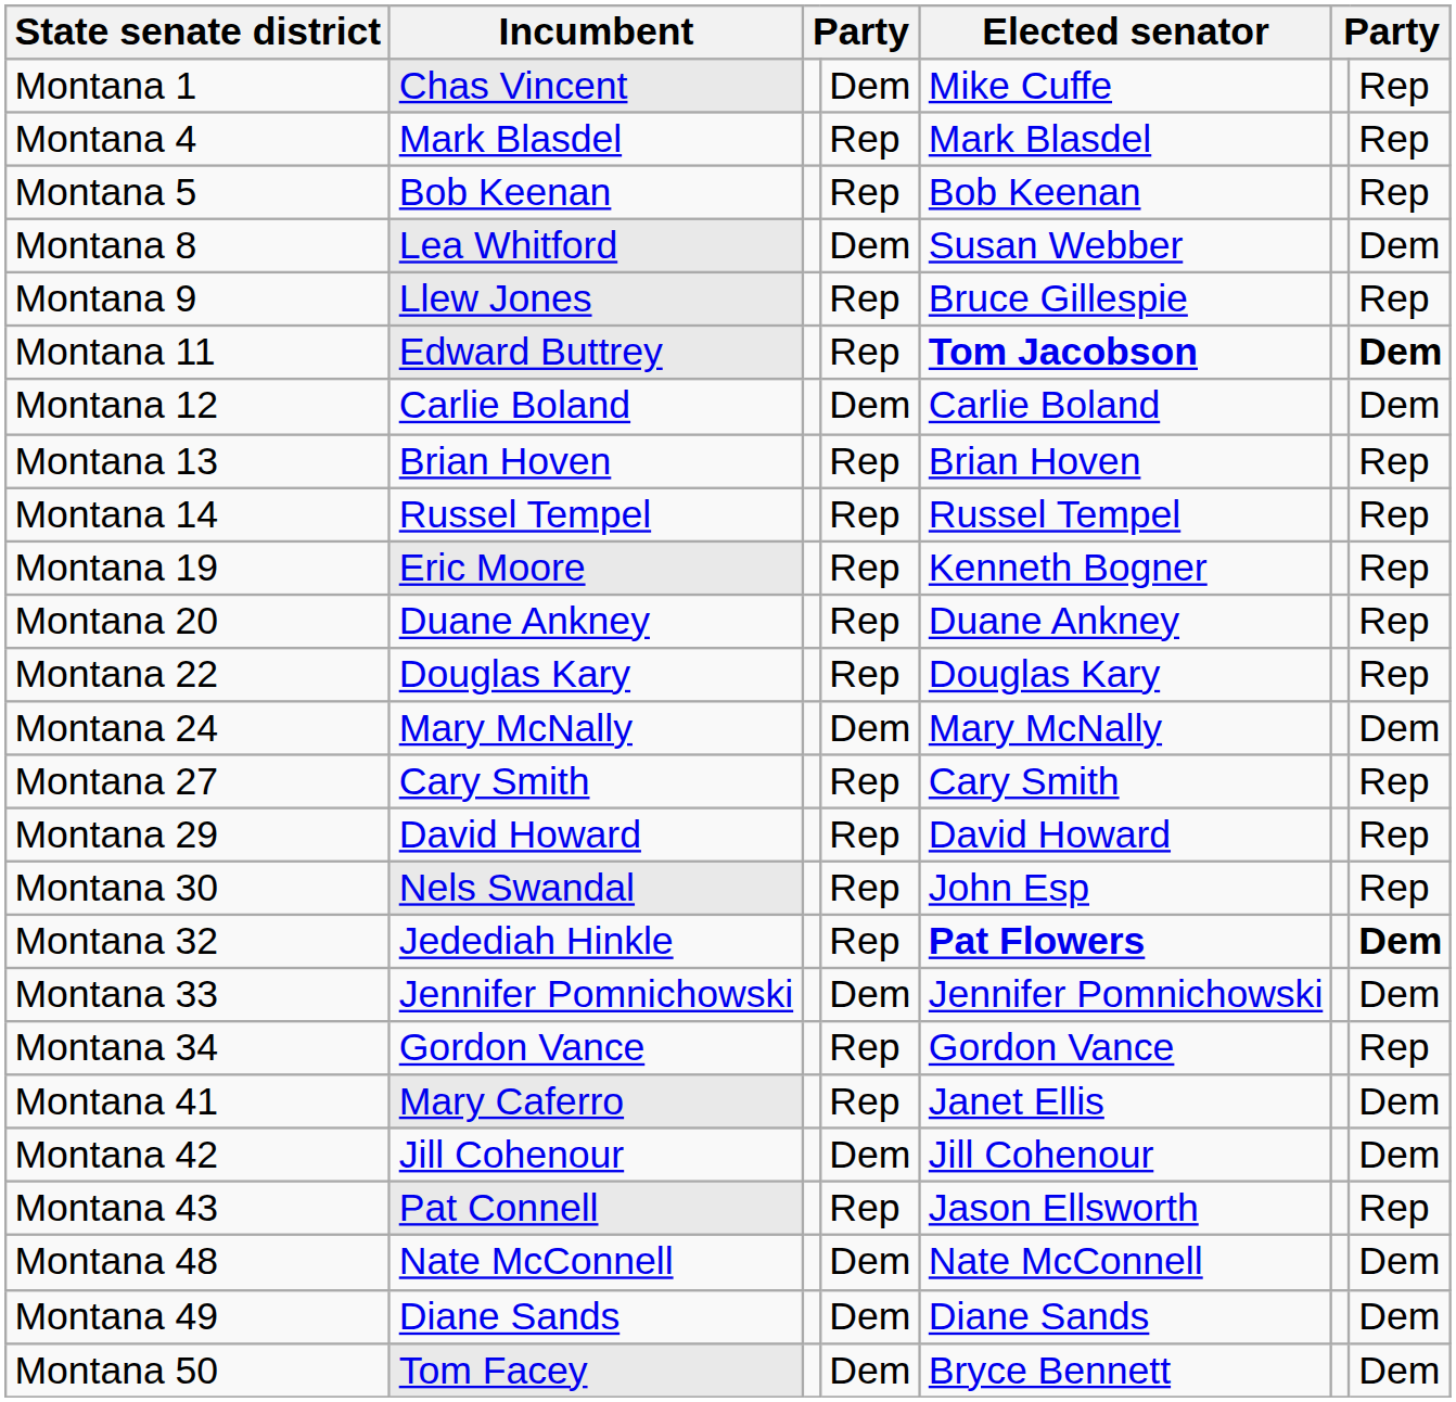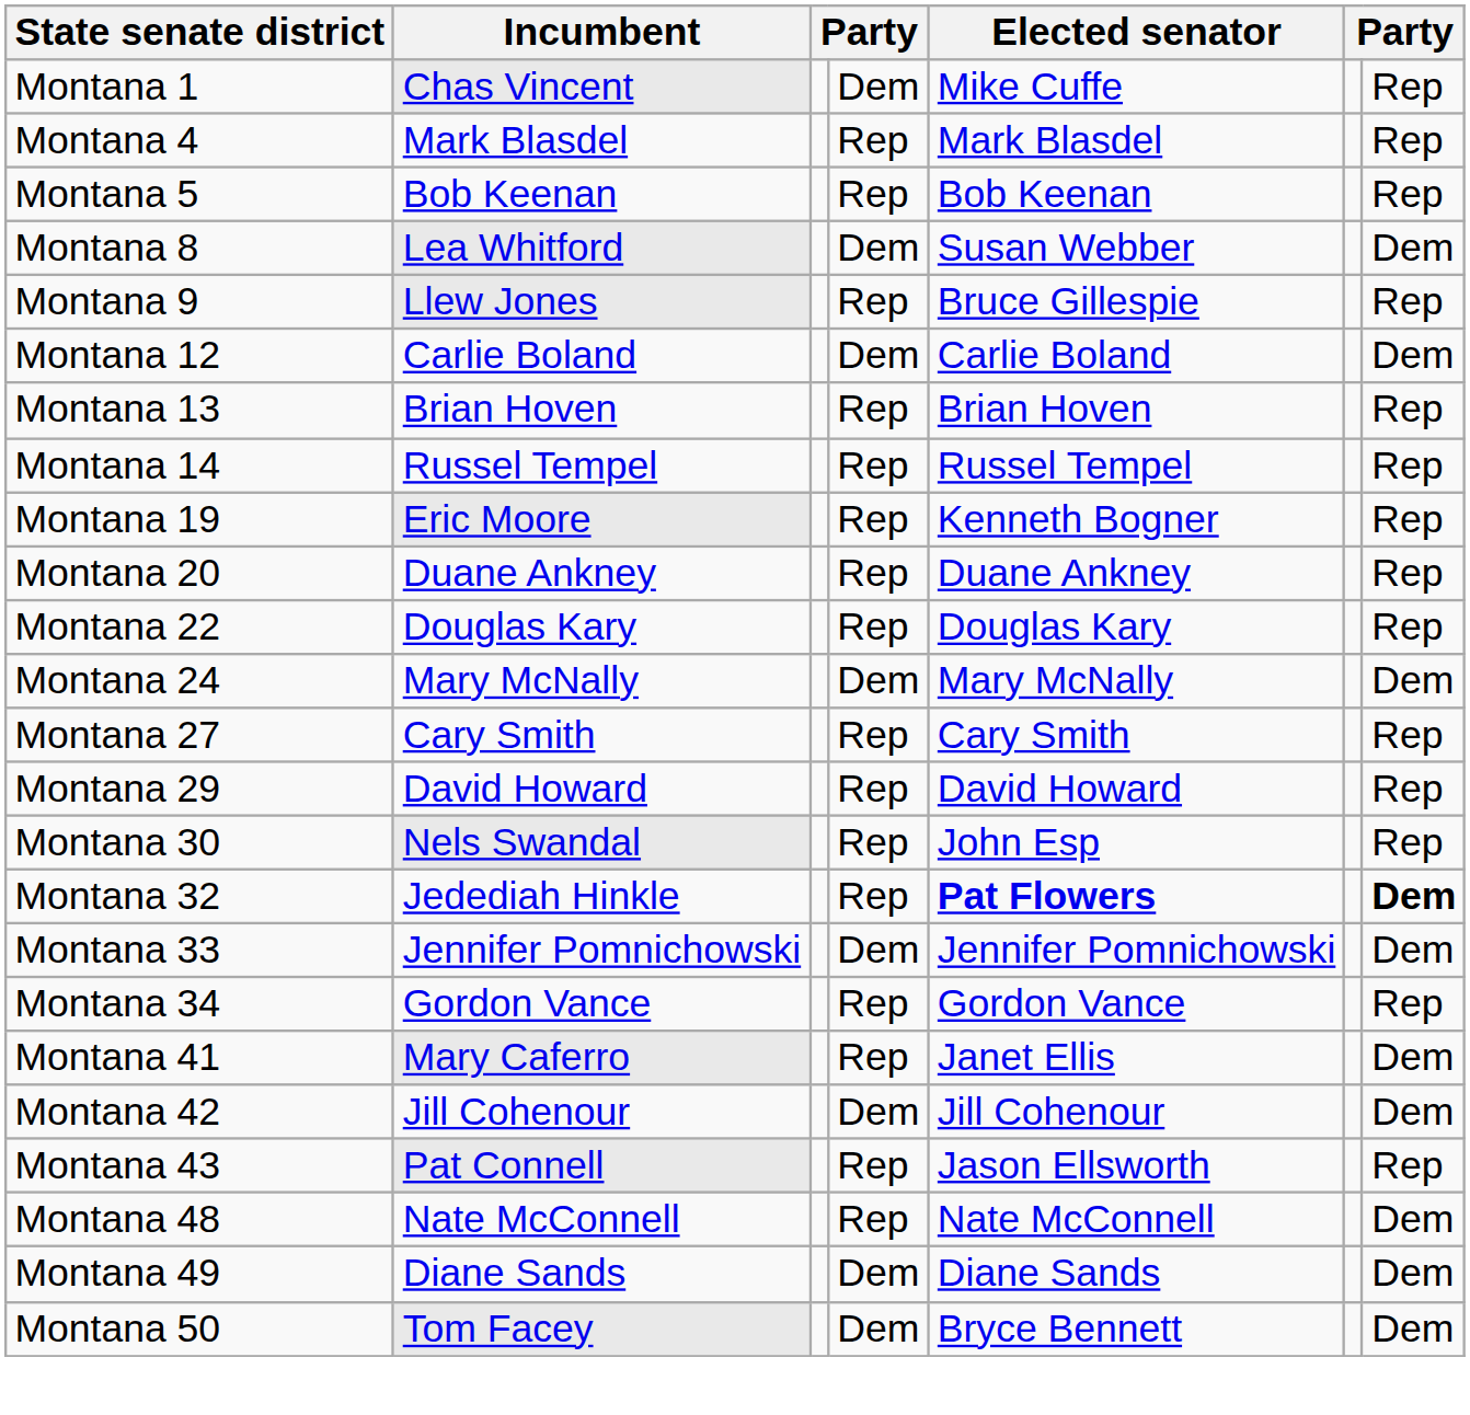 <table class="sortable wikitable" style="font-size:95%;line-height:14px;">
 <tr>
 <th colspan="1">State senate district</th>
 <th class="unsortable">Incumbent</th>
 <th colspan="2">Party</th>
 <th class="unsortable">Elected senator</th>
 <th colspan="2">Party</th>
 </tr>
 <tr>
 <td>Montana 1</td>
 <td style="background:#E9E9E9;"><a href='#'>Chas Vincent</a></td>
 <td style="background:"></td>
 <td>Dem</td>
 <td><a href='#'>Mike Cuffe</a></td>
 <td style="background:"></td>
 <td>Rep</td>
 </tr>
 <tr>
 <td>Montana 4</td>
 <td><a href='#'>Mark Blasdel</a></td>
 <td style="background:"></td>
 <td>Rep</td>
 <td><a href='#'>Mark Blasdel</a></td>
 <td style="background:"></td>
 <td>Rep</td>
 </tr>
 <tr>
 <td>Montana 5</td>
 <td><a href='#'>Bob Keenan</a></td>
 <td style="background:"></td>
 <td>Rep</td>
 <td><a href='#'>Bob Keenan</a></td>
 <td style="background:"></td>
 <td>Rep</td>
 </tr>
 <tr>
 <td>Montana 8</td>
 <td style="background:#E9E9E9;"><a href='#'>Lea Whitford</a></td>
 <td style="background:"></td>
 <td>Dem</td>
 <td><a href='#'>Susan Webber</a></td>
 <td style="background:"></td>
 <td>Dem</td>
 </tr>
 <tr>
 <td>Montana 9</td>
 <td style="background:#E9E9E9;"><a href='#'>Llew Jones</a></td>
 <td style="background:"></td>
 <td>Rep</td>
 <td><a href='#'>Bruce Gillespie</a></td>
 <td style="background:"></td>
 <td>Rep</td>
-</tr>
-<tr>
-<td>Montana 11</td>
-<td style="background:#E9E9E9;"><a href='#'>Edward Buttrey</a></td>
-<td style="background:"></td>
-<td>Rep</td>
-<td><strong><a href='#'>Tom Jacobson</a></strong></td>
-<td style="background:"></td>
-<td><strong>Dem</strong></td>
 </tr>
 <tr>
 <td>Montana 12</td>
 <td><a href='#'>Carlie Boland</a></td>
 <td style="background:"></td>
 <td>Dem</td>
 <td><a href='#'>Carlie Boland</a></td>
 <td style="background:"></td>
 <td>Dem</td>
 </tr>
 <tr>
 <td>Montana 13</td>
 <td><a href='#'>Brian Hoven</a></td>
 <td style="background:"></td>
 <td>Rep</td>
 <td><a href='#'>Brian Hoven</a></td>
 <td style="background:"></td>
 <td>Rep</td>
 </tr>
 <tr>
 <td>Montana 14</td>
 <td><a href='#'>Russel Tempel</a></td>
 <td style="background:"></td>
 <td>Rep</td>
 <td><a href='#'>Russel Tempel</a></td>
 <td style="background:"></td>
 <td>Rep</td>
 </tr>
 <tr>
 <td>Montana 19</td>
 <td style="background:#E9E9E9;"><a href='#'>Eric Moore</a></td>
 <td style="background:"></td>
 <td>Rep</td>
 <td><a href='#'>Kenneth Bogner</a></td>
 <td style="background:"></td>
 <td>Rep</td>
 </tr>
 <tr>
 <td>Montana 20</td>
 <td><a href='#'>Duane Ankney</a></td>
 <td style="background:"></td>
 <td>Rep</td>
 <td><a href='#'>Duane Ankney</a></td>
 <td style="background:"></td>
 <td>Rep</td>
 </tr>
 <tr>
 <td>Montana 22</td>
 <td><a href='#'>Douglas Kary</a></td>
 <td style="background:"></td>
 <td>Rep</td>
 <td><a href='#'>Douglas Kary</a></td>
 <td style="background:"></td>
 <td>Rep</td>
 </tr>
 <tr>
 <td>Montana 24</td>
 <td><a href='#'>Mary McNally</a></td>
 <td style="background:"></td>
 <td>Dem</td>
 <td><a href='#'>Mary McNally</a></td>
 <td style="background:"></td>
 <td>Dem</td>
 </tr>
 <tr>
 <td>Montana 27</td>
 <td><a href='#'>Cary Smith</a></td>
 <td style="background:"></td>
 <td>Rep</td>
 <td><a href='#'>Cary Smith</a></td>
 <td style="background:"></td>
 <td>Rep</td>
 </tr>
 <tr>
 <td>Montana 29</td>
 <td><a href='#'>David Howard</a></td>
 <td style="background:"></td>
 <td>Rep</td>
 <td><a href='#'>David Howard</a></td>
 <td style="background:"></td>
 <td>Rep</td>
 </tr>
 <tr>
 <td>Montana 30</td>
 <td style="background:#E9E9E9;"><a href='#'>Nels Swandal</a></td>
 <td style="background:"></td>
 <td>Rep</td>
 <td><a href='#'>John Esp</a></td>
 <td style="background:"></td>
 <td>Rep</td>
 </tr>
 <tr>
 <td>Montana 32</td>
 <td><a href='#'>Jedediah Hinkle</a></td>
 <td style="background:"></td>
 <td>Rep</td>
 <td><strong><a href='#'>Pat Flowers</a></strong></td>
 <td style="background:"></td>
 <td><strong>Dem</strong></td>
 </tr>
 <tr>
 <td>Montana 33</td>
 <td><a href='#'>Jennifer Pomnichowski</a></td>
 <td style="background:"></td>
 <td>Dem</td>
 <td><a href='#'>Jennifer Pomnichowski</a></td>
 <td style="background:"></td>
 <td>Dem</td>
 </tr>
 <tr>
 <td>Montana 34</td>
 <td><a href='#'>Gordon Vance</a></td>
 <td style="background:"></td>
 <td>Rep</td>
 <td><a href='#'>Gordon Vance</a></td>
 <td style="background:"></td>
 <td>Rep</td>
 </tr>
 <tr>
 <td>Montana 41</td>
 <td style="background:#E9E9E9;"><a href='#'>Mary Caferro</a></td>
 <td style="background:"></td>
 <td>Rep</td>
 <td><a href='#'>Janet Ellis</a></td>
 <td style="background:"></td>
 <td>Dem</td>
 </tr>
 <tr>
 <td>Montana 42</td>
 <td><a href='#'>Jill Cohenour</a></td>
 <td style="background:"></td>
 <td>Dem</td>
 <td><a href='#'>Jill Cohenour</a></td>
 <td style="background:"></td>
 <td>Dem</td>
 </tr>
 <tr>
 <td>Montana 43</td>
 <td style="background:#E9E9E9;"><a href='#'>Pat Connell</a></td>
 <td style="background:"></td>
 <td>Rep</td>
 <td><a href='#'>Jason Ellsworth</a></td>
 <td style="background:"></td>
 <td>Rep</td>
 </tr>
 <tr>
 <td>Montana 48</td>
 <td><a href='#'>Nate McConnell</a></td>
 <td style="background:"></td>
-<td>Dem</td>
+<td>Rep</td>
 <td><a href='#'>Nate McConnell</a></td>
 <td style="background:"></td>
 <td>Dem</td>
 </tr>
 <tr>
 <td>Montana 49</td>
 <td><a href='#'>Diane Sands</a></td>
 <td style="background:"></td>
 <td>Dem</td>
 <td><a href='#'>Diane Sands</a></td>
 <td style="background:"></td>
 <td>Dem</td>
 </tr>
 <tr>
 <td>Montana 50</td>
 <td style="background:#E9E9E9;"><a href='#'>Tom Facey</a></td>
 <td style="background:"></td>
 <td>Dem</td>
 <td><a href='#'>Bryce Bennett</a></td>
 <td style="background:"></td>
 <td>Dem</td>
 </tr>
 </table>
